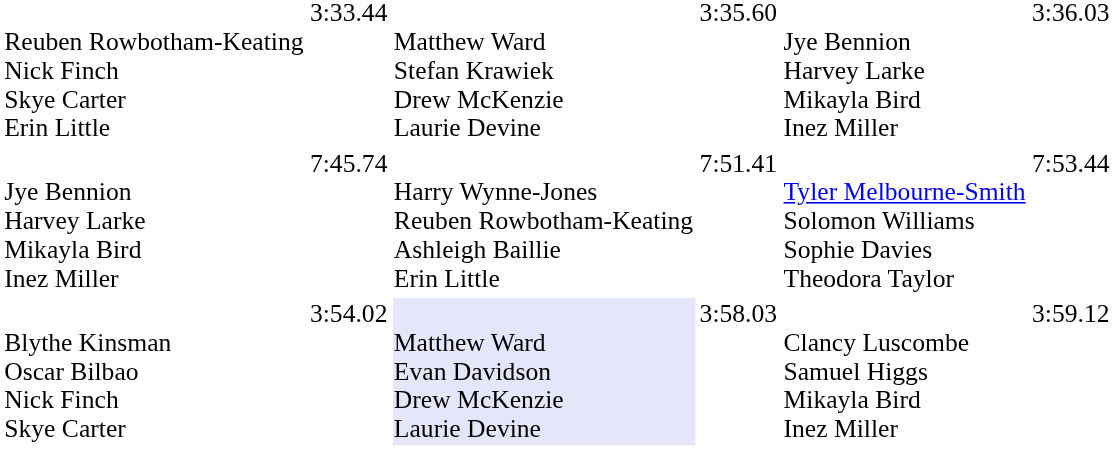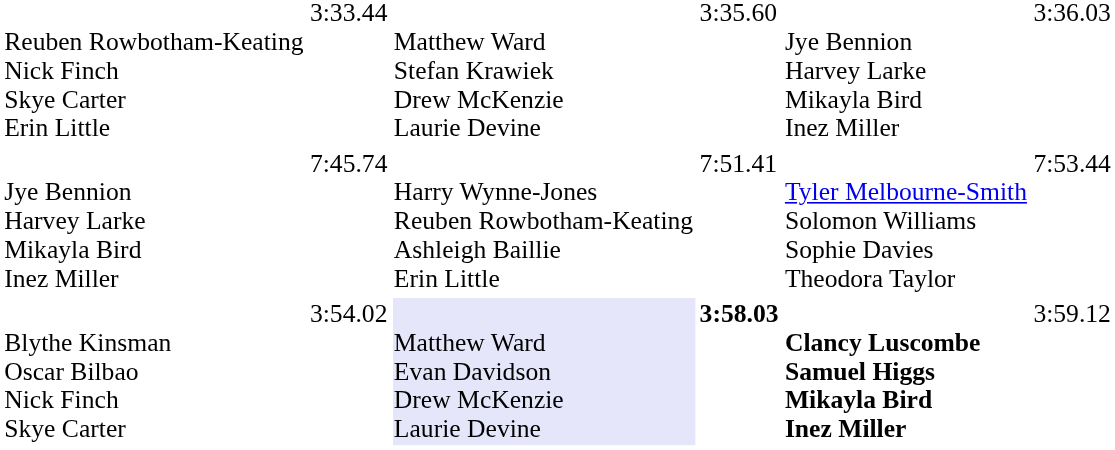 <table>
 <tr valign="top">
 <td></td>
 <td><br>Reuben Rowbotham-Keating<br>Nick Finch<br>Skye Carter<br>Erin Little</td>
 <td>3:33.44</td>
 <td><br>Matthew Ward<br>Stefan Krawiek<br>Drew McKenzie<br>Laurie Devine</td>
 <td>3:35.60</td>
 <td><br>Jye Bennion<br>Harvey Larke<br>Mikayla Bird<br>Inez Miller</td>
 <td>3:36.03</td>
 </tr>
 <tr valign="top">
 <td></td>
 <td><br>Jye Bennion<br>Harvey Larke<br>Mikayla Bird<br>Inez Miller</td>
 <td>7:45.74</td>
 <td><br>Harry Wynne-Jones<br>Reuben Rowbotham-Keating<br>Ashleigh Baillie<br>Erin Little</td>
 <td>7:51.41</td>
 <td><br><a href='#'>Tyler Melbourne-Smith</a><br>Solomon Williams<br>Sophie Davies<br>Theodora Taylor</td>
 <td>7:53.44</td>
 </tr>
 <tr valign="top">
 <td></td>
 <td><br>Blythe Kinsman<br>Oscar Bilbao<br>Nick Finch<br>Skye Carter</td>
 <td>3:54.02</td>
 <td style="background: lavender;"><br>Matthew Ward<br>Evan Davidson<br>Drew McKenzie<br>Laurie Devine</td>
-<td>3:58.03</td>
-<td><br>Clancy Luscombe<br>Samuel Higgs<br>Mikayla Bird<br>Inez Miller</td>
+<td><strong>3:58.03</strong></td>
+<td><strong><br>Clancy Luscombe<br>Samuel Higgs<br>Mikayla Bird<br>Inez Miller</strong></td>
 <td>3:59.12</td>
 </tr>
 </table>
